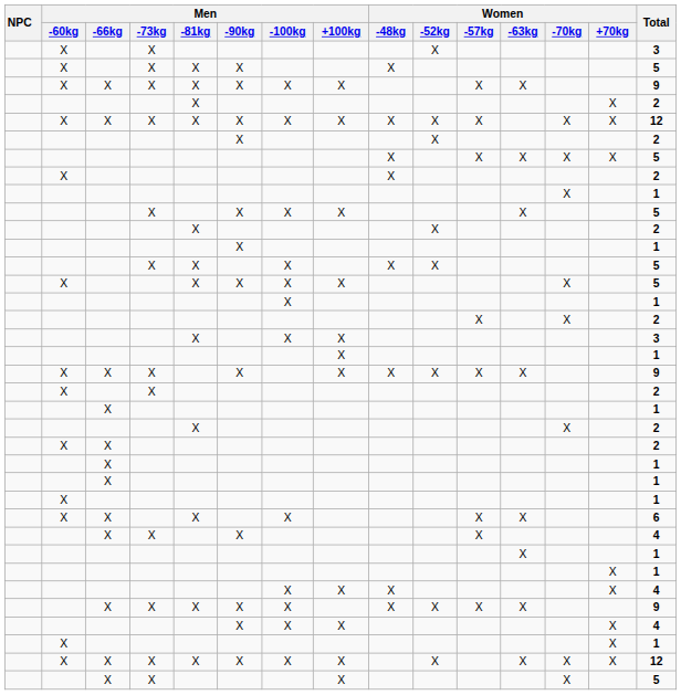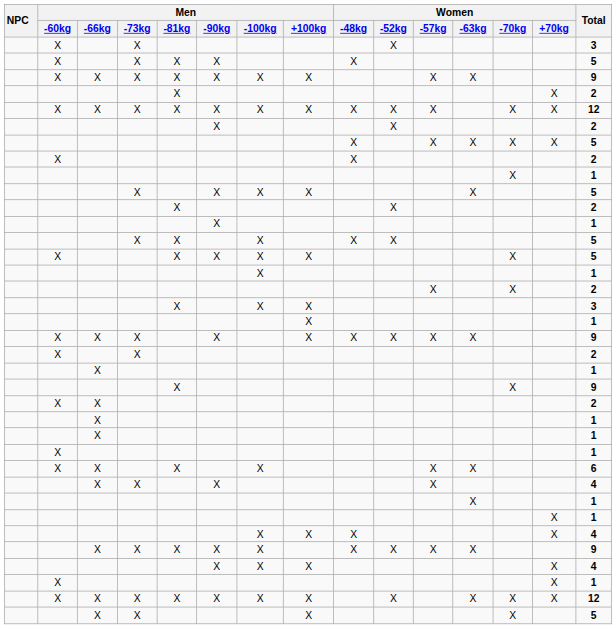 <table class="wikitable"  style="width:800px; text-align:center; font-size:85%;">
 <tr>
 <th rowspan="2" style="text-align:left;">NPC</th>
 <th colspan="7">Men</th>
 <th colspan="6">Women</th>
 <th rowspan="2">Total</th>
 </tr>
 <tr>
 <th><a href='#'>-60kg</a></th>
 <th><a href='#'>-66kg</a></th>
 <th><a href='#'>-73kg</a></th>
 <th><a href='#'>-81kg</a></th>
 <th><a href='#'>-90kg</a></th>
 <th><a href='#'>-100kg</a></th>
 <th><a href='#'>+100kg</a></th>
 <th><a href='#'>-48kg</a></th>
 <th><a href='#'>-52kg</a></th>
 <th><a href='#'>-57kg</a></th>
 <th><a href='#'>-63kg</a></th>
 <th><a href='#'>-70kg</a></th>
 <th><a href='#'>+70kg</a></th>
 </tr>
 <tr>
 <td style="text-align:left;"></td>
 <td>X</td>
 <td></td>
 <td>X</td>
 <td></td>
 <td></td>
 <td></td>
 <td></td>
 <td></td>
 <td>X</td>
 <td></td>
 <td></td>
 <td></td>
 <td></td>
 <td><strong>3</strong></td>
 </tr>
 <tr>
 <td style="text-align:left;"></td>
 <td>X</td>
 <td></td>
 <td>X</td>
 <td>X</td>
 <td>X</td>
 <td></td>
 <td></td>
 <td>X</td>
 <td></td>
 <td></td>
 <td></td>
 <td></td>
 <td></td>
 <td><strong>5</strong></td>
 </tr>
 <tr>
 <td style="text-align:left;"></td>
 <td>X</td>
 <td>X</td>
 <td>X</td>
 <td>X</td>
 <td>X</td>
 <td>X</td>
 <td>X</td>
 <td></td>
 <td></td>
 <td>X</td>
 <td>X</td>
 <td></td>
 <td></td>
 <td><strong>9</strong></td>
 </tr>
 <tr>
 <td style="text-align:left;"></td>
 <td></td>
 <td></td>
 <td></td>
 <td>X</td>
 <td></td>
 <td></td>
 <td></td>
 <td></td>
 <td></td>
 <td></td>
 <td></td>
 <td></td>
 <td>X</td>
 <td><strong>2</strong></td>
 </tr>
 <tr>
 <td style="text-align:left;"></td>
 <td>X</td>
 <td>X</td>
 <td>X</td>
 <td>X</td>
 <td>X</td>
 <td>X</td>
 <td>X</td>
 <td>X</td>
 <td>X</td>
 <td>X</td>
 <td></td>
 <td>X</td>
 <td>X</td>
 <td><strong>12</strong></td>
 </tr>
 <tr>
 <td style="text-align:left;"></td>
 <td></td>
 <td></td>
 <td></td>
 <td></td>
 <td>X</td>
 <td></td>
 <td></td>
 <td></td>
 <td>X</td>
 <td></td>
 <td></td>
 <td></td>
 <td></td>
 <td><strong>2</strong></td>
 </tr>
 <tr>
 <td style="text-align:left;"></td>
 <td></td>
 <td></td>
 <td></td>
 <td></td>
 <td></td>
 <td></td>
 <td></td>
 <td>X</td>
 <td></td>
 <td>X</td>
 <td>X</td>
 <td>X</td>
 <td>X</td>
 <td><strong>5</strong></td>
 </tr>
 <tr>
 <td style="text-align:left;"></td>
 <td>X</td>
 <td></td>
 <td></td>
 <td></td>
 <td></td>
 <td></td>
 <td></td>
 <td>X</td>
 <td></td>
 <td></td>
 <td></td>
 <td></td>
 <td></td>
 <td><strong>2</strong></td>
 </tr>
 <tr>
 <td style="text-align:left;"></td>
 <td></td>
 <td></td>
 <td></td>
 <td></td>
 <td></td>
 <td></td>
 <td></td>
 <td></td>
 <td></td>
 <td></td>
 <td></td>
 <td>X</td>
 <td></td>
 <td><strong>1</strong></td>
 </tr>
 <tr>
 <td style="text-align:left;"></td>
 <td></td>
 <td></td>
 <td>X</td>
 <td></td>
 <td>X</td>
 <td>X</td>
 <td>X</td>
 <td></td>
 <td></td>
 <td></td>
 <td>X</td>
 <td></td>
 <td></td>
 <td><strong>5</strong></td>
 </tr>
 <tr>
 <td style="text-align:left;"></td>
 <td></td>
 <td></td>
 <td></td>
 <td>X</td>
 <td></td>
 <td></td>
 <td></td>
 <td></td>
 <td>X</td>
 <td></td>
 <td></td>
 <td></td>
 <td></td>
 <td><strong>2</strong></td>
 </tr>
 <tr>
 <td style="text-align:left;"></td>
 <td></td>
 <td></td>
 <td></td>
 <td></td>
 <td>X</td>
 <td></td>
 <td></td>
 <td></td>
 <td></td>
 <td></td>
 <td></td>
 <td></td>
 <td></td>
 <td><strong>1</strong></td>
 </tr>
 <tr>
 <td style="text-align:left;"></td>
 <td></td>
 <td></td>
 <td>X</td>
 <td>X</td>
 <td></td>
 <td>X</td>
 <td></td>
 <td>X</td>
 <td>X</td>
 <td></td>
 <td></td>
 <td></td>
 <td></td>
 <td><strong>5</strong></td>
 </tr>
 <tr>
 <td style="text-align:left;"></td>
 <td>X</td>
 <td></td>
 <td></td>
 <td>X</td>
 <td>X</td>
 <td>X</td>
 <td>X</td>
 <td></td>
 <td></td>
 <td></td>
 <td></td>
 <td>X</td>
 <td></td>
 <td><strong>5</strong></td>
 </tr>
 <tr>
 <td style="text-align:left;"></td>
 <td></td>
 <td></td>
 <td></td>
 <td></td>
 <td></td>
 <td>X</td>
 <td></td>
 <td></td>
 <td></td>
 <td></td>
 <td></td>
 <td></td>
 <td></td>
 <td><strong>1</strong></td>
 </tr>
 <tr>
 <td style="text-align:left;"></td>
 <td></td>
 <td></td>
 <td></td>
 <td></td>
 <td></td>
 <td></td>
 <td></td>
 <td></td>
 <td></td>
 <td>X</td>
 <td></td>
 <td>X</td>
 <td></td>
 <td><strong>2</strong></td>
 </tr>
 <tr>
 <td style="text-align:left;"></td>
 <td></td>
 <td></td>
 <td></td>
 <td>X</td>
 <td></td>
 <td>X</td>
 <td>X</td>
 <td></td>
 <td></td>
 <td></td>
 <td></td>
 <td></td>
 <td></td>
 <td><strong>3</strong></td>
 </tr>
 <tr>
 <td style="text-align:left;"></td>
 <td></td>
 <td></td>
 <td></td>
 <td></td>
 <td></td>
 <td></td>
 <td>X</td>
 <td></td>
 <td></td>
 <td></td>
 <td></td>
 <td></td>
 <td></td>
 <td><strong>1</strong></td>
 </tr>
 <tr>
 <td style="text-align:left;"></td>
 <td>X</td>
 <td>X</td>
 <td>X</td>
 <td></td>
 <td>X</td>
 <td></td>
 <td>X</td>
 <td>X</td>
 <td>X</td>
 <td>X</td>
 <td>X</td>
 <td></td>
 <td></td>
 <td><strong>9</strong></td>
 </tr>
 <tr>
 <td style="text-align:left;"></td>
 <td>X</td>
 <td></td>
 <td>X</td>
 <td></td>
 <td></td>
 <td></td>
 <td></td>
 <td></td>
 <td></td>
 <td></td>
 <td></td>
 <td></td>
 <td></td>
 <td><strong>2</strong></td>
 </tr>
 <tr>
 <td style="text-align:left;"></td>
 <td></td>
 <td>X</td>
 <td></td>
 <td></td>
 <td></td>
 <td></td>
 <td></td>
 <td></td>
 <td></td>
 <td></td>
 <td></td>
 <td></td>
 <td></td>
 <td><strong>1</strong></td>
 </tr>
 <tr>
 <td style="text-align:left;"></td>
 <td></td>
 <td></td>
 <td></td>
 <td>X</td>
 <td></td>
 <td></td>
 <td></td>
 <td></td>
 <td></td>
 <td></td>
 <td></td>
 <td>X</td>
 <td></td>
-<td><strong>2</strong></td>
+<td><strong>9</strong></td>
 </tr>
 <tr>
 <td style="text-align:left;"></td>
 <td>X</td>
 <td>X</td>
 <td></td>
 <td></td>
 <td></td>
 <td></td>
 <td></td>
 <td></td>
 <td></td>
 <td></td>
 <td></td>
 <td></td>
 <td></td>
 <td><strong>2</strong></td>
 </tr>
 <tr>
 <td style="text-align:left;"></td>
 <td></td>
 <td>X</td>
 <td></td>
 <td></td>
 <td></td>
 <td></td>
 <td></td>
 <td></td>
 <td></td>
 <td></td>
 <td></td>
 <td></td>
 <td></td>
 <td><strong>1</strong></td>
 </tr>
 <tr>
 <td style="text-align:left;"></td>
 <td></td>
 <td>X</td>
 <td></td>
 <td></td>
 <td></td>
 <td></td>
 <td></td>
 <td></td>
 <td></td>
 <td></td>
 <td></td>
 <td></td>
 <td></td>
 <td><strong>1</strong></td>
 </tr>
 <tr>
 <td style="text-align:left;"></td>
 <td>X</td>
 <td></td>
 <td></td>
 <td></td>
 <td></td>
 <td></td>
 <td></td>
 <td></td>
 <td></td>
 <td></td>
 <td></td>
 <td></td>
 <td></td>
 <td><strong>1</strong></td>
 </tr>
 <tr>
 <td style="text-align:left;"></td>
 <td>X</td>
 <td>X</td>
 <td></td>
 <td>X</td>
 <td></td>
 <td>X</td>
 <td></td>
 <td></td>
 <td></td>
 <td>X</td>
 <td>X</td>
 <td></td>
 <td></td>
 <td><strong>6</strong></td>
 </tr>
 <tr>
 <td style="text-align:left;"></td>
 <td></td>
 <td>X</td>
 <td>X</td>
 <td></td>
 <td>X</td>
 <td></td>
 <td></td>
 <td></td>
 <td></td>
 <td>X</td>
 <td></td>
 <td></td>
 <td></td>
 <td><strong>4</strong></td>
 </tr>
 <tr>
 <td style="text-align:left;"></td>
 <td></td>
 <td></td>
 <td></td>
 <td></td>
 <td></td>
 <td></td>
 <td></td>
 <td></td>
 <td></td>
 <td></td>
 <td>X</td>
 <td></td>
 <td></td>
 <td><strong>1</strong></td>
 </tr>
 <tr>
 <td style="text-align:left;"></td>
 <td></td>
 <td></td>
 <td></td>
 <td></td>
 <td></td>
 <td></td>
 <td></td>
 <td></td>
 <td></td>
 <td></td>
 <td></td>
 <td></td>
 <td>X</td>
 <td><strong>1</strong></td>
 </tr>
 <tr>
 <td style="text-align:left;"></td>
 <td></td>
 <td></td>
 <td></td>
 <td></td>
 <td></td>
 <td>X</td>
 <td>X</td>
 <td>X</td>
 <td></td>
 <td></td>
 <td></td>
 <td></td>
 <td>X</td>
 <td><strong>4</strong></td>
 </tr>
 <tr>
 <td style="text-align:left;"></td>
 <td></td>
 <td>X</td>
 <td>X</td>
 <td>X</td>
 <td>X</td>
 <td>X</td>
 <td></td>
 <td>X</td>
 <td>X</td>
 <td>X</td>
 <td>X</td>
 <td></td>
 <td></td>
 <td><strong>9</strong></td>
 </tr>
 <tr>
 <td style="text-align:left;"></td>
 <td></td>
 <td></td>
 <td></td>
 <td></td>
 <td>X</td>
 <td>X</td>
 <td>X</td>
 <td></td>
 <td></td>
 <td></td>
 <td></td>
 <td></td>
 <td>X</td>
 <td><strong>4</strong></td>
 </tr>
 <tr>
 <td style="text-align:left;"></td>
 <td>X</td>
 <td></td>
 <td></td>
 <td></td>
 <td></td>
 <td></td>
 <td></td>
 <td></td>
 <td></td>
 <td></td>
 <td></td>
 <td></td>
 <td>X</td>
 <td><strong>1</strong></td>
 </tr>
 <tr>
 <td style="text-align:left;"></td>
 <td>X</td>
 <td>X</td>
 <td>X</td>
 <td>X</td>
 <td>X</td>
 <td>X</td>
 <td>X</td>
 <td></td>
 <td>X</td>
 <td></td>
 <td>X</td>
 <td>X</td>
 <td>X</td>
 <td><strong>12</strong></td>
 </tr>
 <tr>
 <td style="text-align:left;"></td>
 <td></td>
 <td>X</td>
 <td>X</td>
 <td></td>
 <td></td>
 <td></td>
 <td>X</td>
 <td></td>
 <td></td>
 <td></td>
 <td></td>
 <td>X</td>
 <td></td>
 <td><strong>5</strong></td>
 </tr>
 </table>
